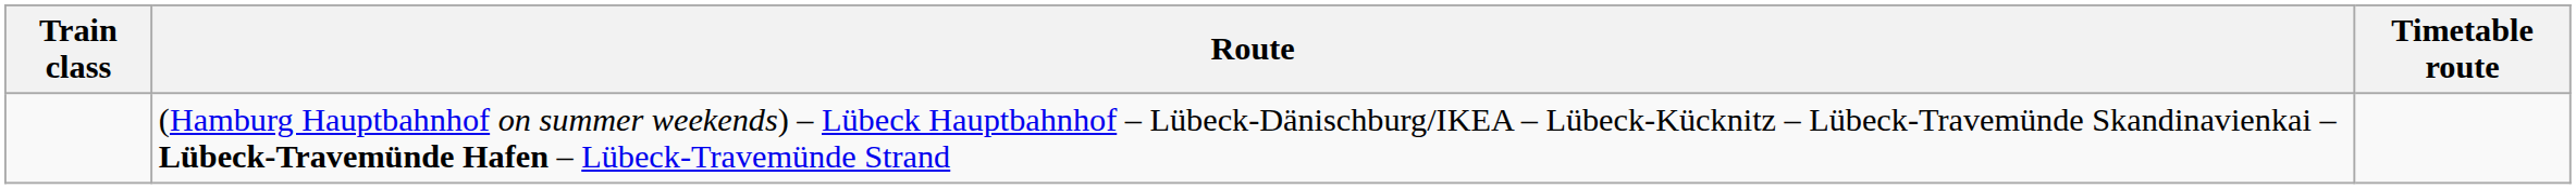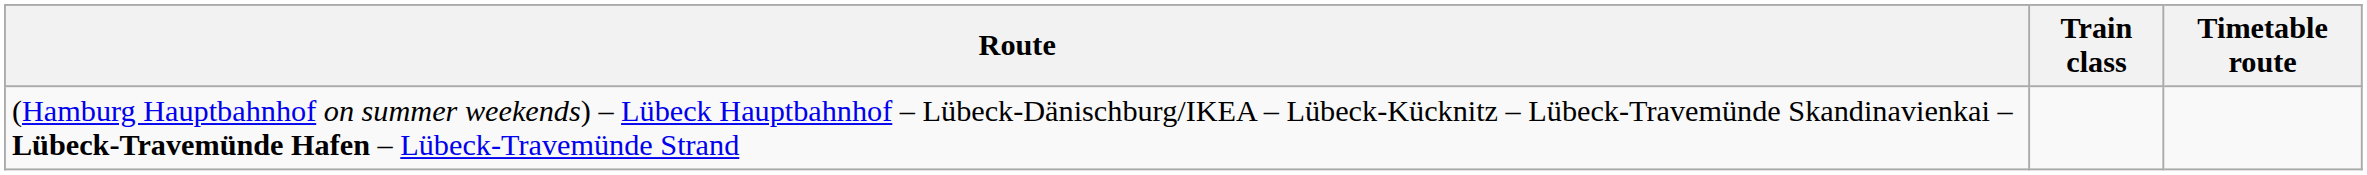 <table class="wikitable">
 <tr>
+<th>Route</th>
 <th>Train class</th>
-<th>Route</th>
 <th>Timetable route</th>
 </tr>
 <tr>
+<td>(<a href='#'>Hamburg Hauptbahnhof</a> <em>on summer weekends</em>) – <a href='#'>Lübeck Hauptbahnhof</a> – Lübeck-Dänischburg/IKEA – Lübeck-Kücknitz – Lübeck-Travemünde Skandinavienkai – <strong>Lübeck-Travemünde Hafen</strong> – <a href='#'>Lübeck-Travemünde Strand</a></td>
 <td> </td>
-<td>(<a href='#'>Hamburg Hauptbahnhof</a> <em>on summer weekends</em>) – <a href='#'>Lübeck Hauptbahnhof</a> – Lübeck-Dänischburg/IKEA – Lübeck-Kücknitz – Lübeck-Travemünde Skandinavienkai – <strong>Lübeck-Travemünde Hafen</strong> – <a href='#'>Lübeck-Travemünde Strand</a></td>
 <td></td>
 </tr>
 </table>
